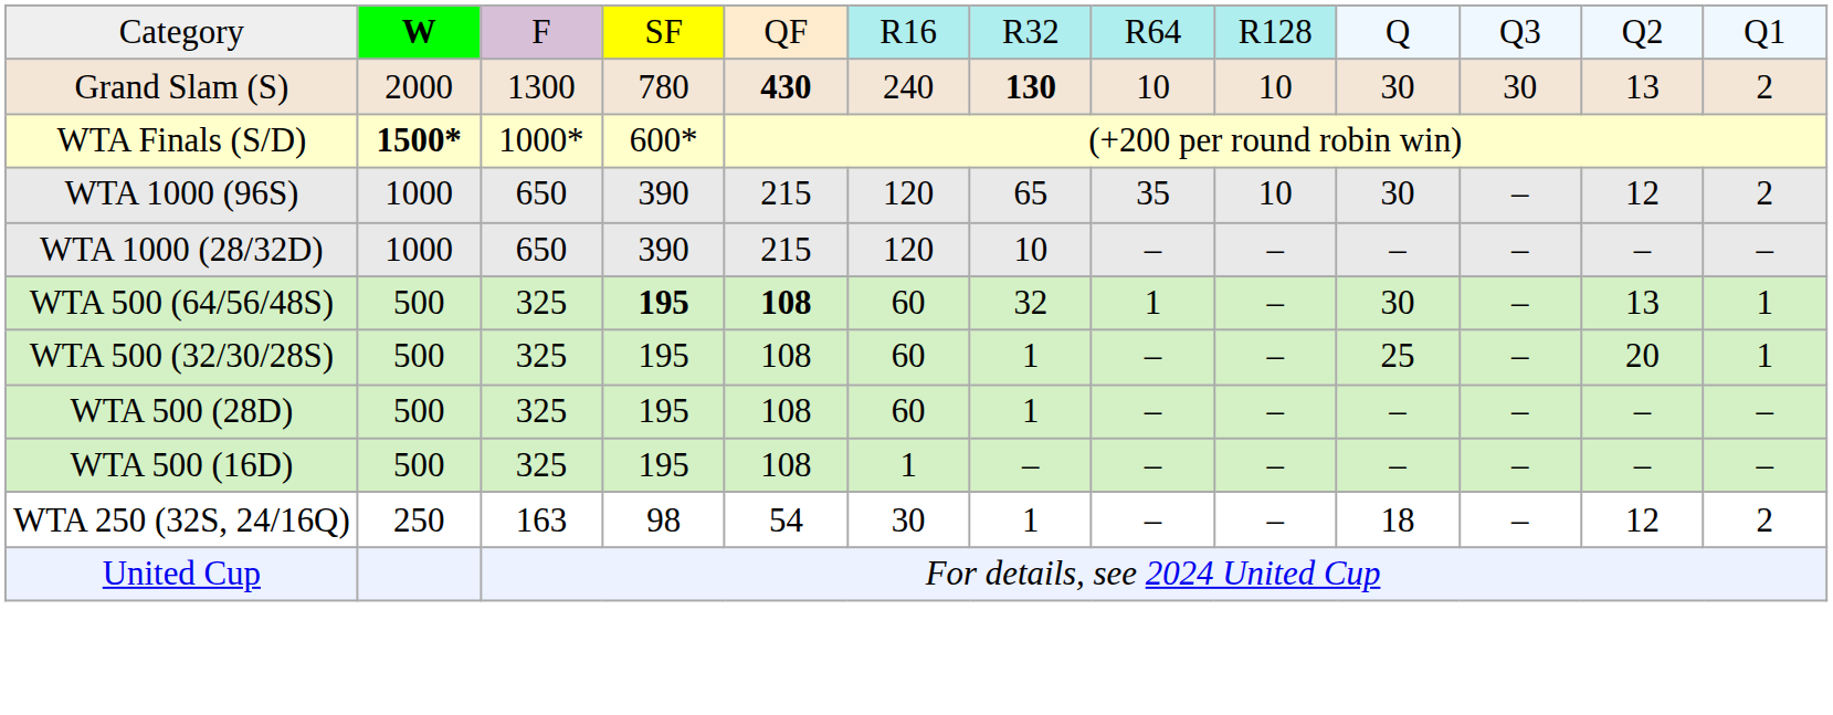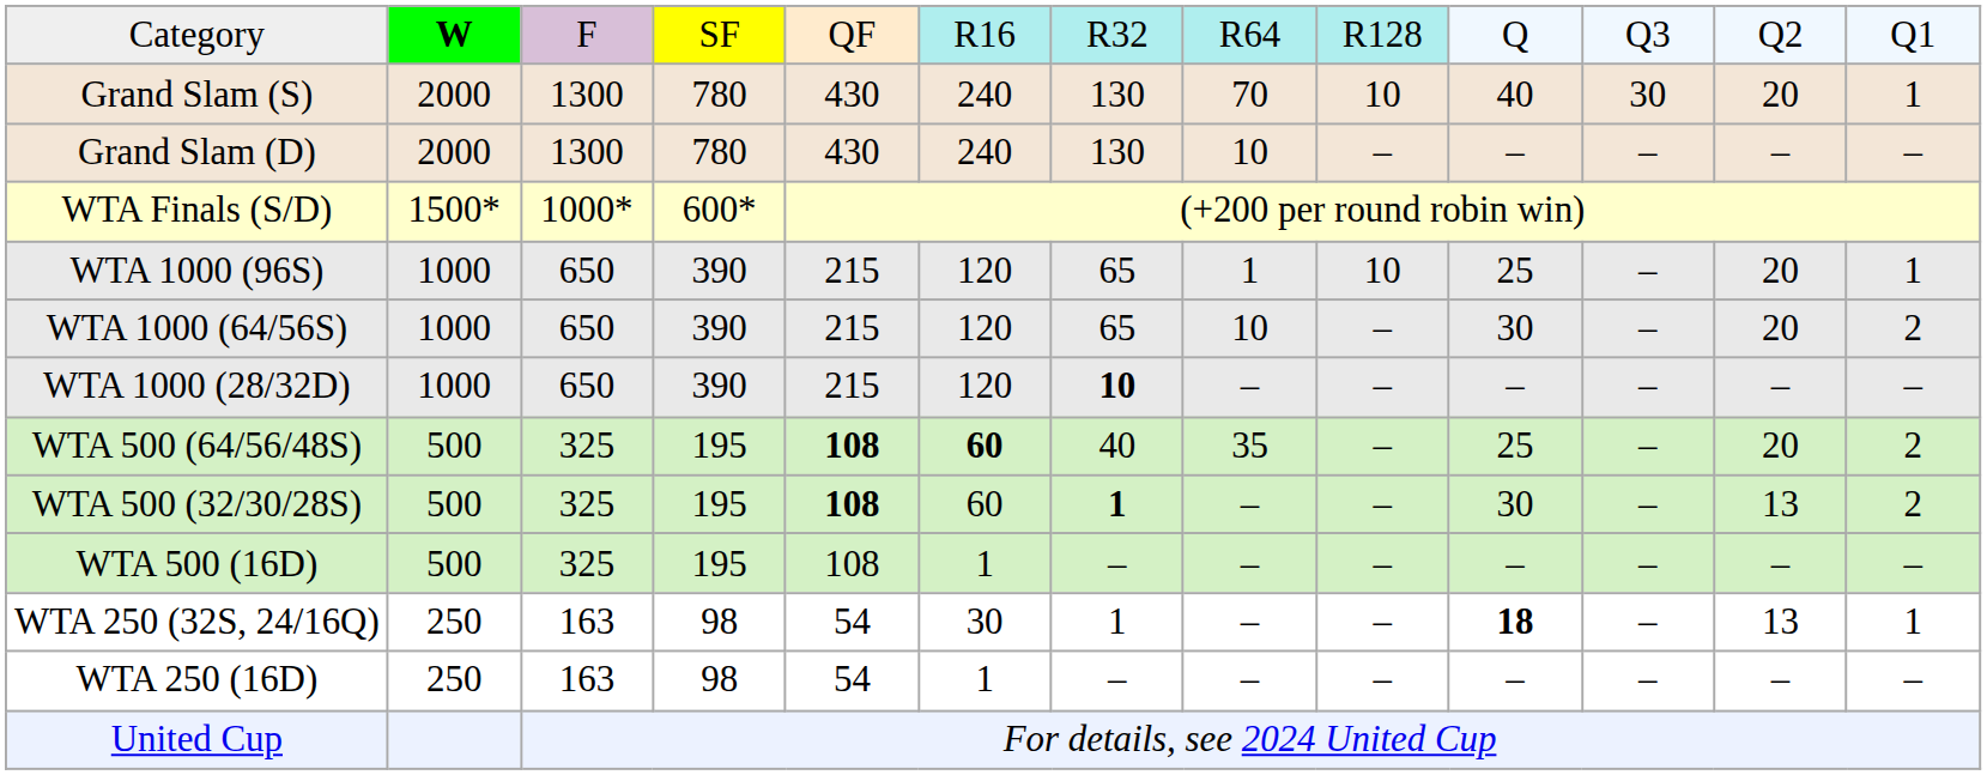 <table class="wikitable" style=text-align:center>
 <tr>
 <td style="background:#efefef;">Category</td>
 <td style="width:50px; background:lime;"><strong>W</strong></td>
 <td style="width:50px; background:thistle;">F</td>
 <td style="width:50px; background:#ff0;">SF</td>
 <td style="width:50px; background:#ffebcd;">QF</td>
 <td style="width:50px; background:#afeeee;">R16</td>
 <td style="width:50px; background:#afeeee;">R32</td>
 <td style="width:50px; background:#afeeee;">R64</td>
 <td style="width:50px; background:#afeeee;">R128</td>
 <td style="width:50px; background:#f0f8ff;">Q</td>
 <td style="width:50px; background:#f0f8ff;">Q3</td>
 <td style="width:50px; background:#f0f8ff;">Q2</td>
 <td style="width:50px; background:#f0f8ff;">Q1</td>
 </tr>
 <tr style="background:#F3E6D7;">
 <td>Grand Slam (S)</td>
 <td>2000</td>
 <td>1300</td>
 <td>780</td>
-<td><strong>430</strong></td>
+<td>430</td>
 <td>240</td>
-<td><strong>130</strong></td>
+<td>130</td>
+<td>70</td>
 <td>10</td>
+<td>40</td>
+<td>30</td>
+<td>20</td>
+<td>1</td>
+</tr>
+<tr style="background:#F3E6D7;">
+<td>Grand Slam (D)</td>
+<td>2000</td>
+<td>1300</td>
+<td>780</td>
+<td>430</td>
+<td>240</td>
+<td>130</td>
 <td>10</td>
-<td>30</td>
-<td>30</td>
-<td>13</td>
-<td>2</td>
+<td>–</td>
+<td>–</td>
+<td>–</td>
+<td>–</td>
+<td>–</td>
 </tr>
 <tr style="background:#ffc;">
 <td>WTA Finals (S/D)</td>
-<td><strong>1500*</strong></td>
+<td>1500*</td>
 <td>1000*</td>
 <td>600*</td>
 <td colspan="9" style="text-align:center">(+200 per round robin win)</td>
 </tr>
 <tr style="background:#e9e9e9;">
 <td>WTA 1000 (96S)</td>
 <td>1000</td>
 <td>650</td>
 <td>390</td>
 <td>215</td>
 <td>120</td>
 <td>65</td>
-<td>35</td>
+<td>1</td>
 <td>10</td>
+<td>25</td>
+<td>–</td>
+<td>20</td>
+<td>1</td>
+</tr>
+<tr style="background:#e9e9e9;">
+<td>WTA 1000 (64/56S)</td>
+<td>1000</td>
+<td>650</td>
+<td>390</td>
+<td>215</td>
+<td>120</td>
+<td>65</td>
+<td>10</td>
+<td>–</td>
 <td>30</td>
 <td>–</td>
-<td>12</td>
+<td>20</td>
 <td>2</td>
 </tr>
 <tr style="background:#e9e9e9;">
 <td>WTA 1000 (28/32D)</td>
 <td>1000</td>
 <td>650</td>
 <td>390</td>
 <td>215</td>
 <td>120</td>
-<td>10</td>
+<td><strong>10</strong></td>
 <td>–</td>
 <td>–</td>
 <td>–</td>
 <td>–</td>
 <td>–</td>
 <td>–</td>
 </tr>
 <tr style="background:#D4F1C5;">
 <td>WTA 500 (64/56/48S)</td>
 <td>500</td>
 <td>325</td>
-<td><strong>195</strong></td>
+<td>195</td>
 <td><strong>108</strong></td>
-<td>60</td>
-<td>32</td>
-<td>1</td>
+<td><strong>60</strong></td>
+<td>40</td>
+<td>35</td>
 <td>–</td>
-<td>30</td>
+<td>25</td>
 <td>–</td>
-<td>13</td>
-<td>1</td>
+<td>20</td>
+<td>2</td>
 </tr>
 <tr style="background:#D4F1C5;">
 <td>WTA 500 (32/30/28S)</td>
 <td>500</td>
 <td>325</td>
 <td>195</td>
-<td>108</td>
+<td><strong>108</strong></td>
 <td>60</td>
-<td>1</td>
+<td><strong>1</strong></td>
 <td>–</td>
 <td>–</td>
-<td>25</td>
+<td>30</td>
 <td>–</td>
-<td>20</td>
-<td>1</td>
-</tr>
-<tr style="background:#D4F1C5;">
-<td>WTA 500 (28D)</td>
-<td>500</td>
-<td>325</td>
-<td>195</td>
-<td>108</td>
-<td>60</td>
-<td>1</td>
-<td>–</td>
-<td>–</td>
-<td>–</td>
-<td>–</td>
-<td>–</td>
-<td>–</td>
+<td>13</td>
+<td>2</td>
 </tr>
 <tr style="background:#D4F1C5;">
 <td>WTA 500 (16D)</td>
 <td>500</td>
 <td>325</td>
 <td>195</td>
 <td>108</td>
 <td>1</td>
 <td>–</td>
 <td>–</td>
 <td>–</td>
 <td>–</td>
 <td>–</td>
 <td>–</td>
 <td>–</td>
 </tr>
 <tr style="background:#fff;">
 <td>WTA 250 (32S, 24/16Q)</td>
 <td>250</td>
 <td>163</td>
 <td>98</td>
 <td>54</td>
 <td>30</td>
 <td>1</td>
 <td>–</td>
 <td>–</td>
-<td>18</td>
+<td><strong>18</strong></td>
 <td>–</td>
-<td>12</td>
-<td>2</td>
+<td>13</td>
+<td>1</td>
+</tr>
+<tr style="background:#fff;">
+<td>WTA 250 (16D)</td>
+<td>250</td>
+<td>163</td>
+<td>98</td>
+<td>54</td>
+<td>1</td>
+<td>–</td>
+<td>–</td>
+<td>–</td>
+<td>–</td>
+<td>–</td>
+<td>–</td>
+<td>–</td>
 </tr>
 <tr style="background:#ecf2ff;">
 <td><a href='#'>United Cup</a></td>
 <td></td>
 <td colspan="11"><em>For details, see <a href='#'>2024 United Cup</a></em></td>
 </tr>
 </table>
